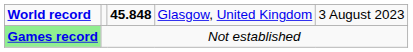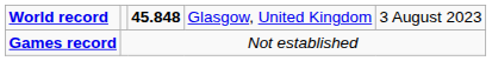 <table class="wikitable">
 <tr>
 <td><a href='#'><strong>World record</strong></a></td>
 <td></td>
 <td><strong>45.848</strong></td>
 <td><a href='#'>Glasgow</a>, <a href='#'>United Kingdom</a></td>
 <td>3 August 2023</td>
 </tr>
 <tr>
-<td style="background: lightgreen;"><strong><a href='#'>Games record</a></strong></td>
+<td><strong><a href='#'>Games record</a></strong></td>
 <td colspan=4 align=center><em>Not established</em></td>
 </tr>
 </table>
